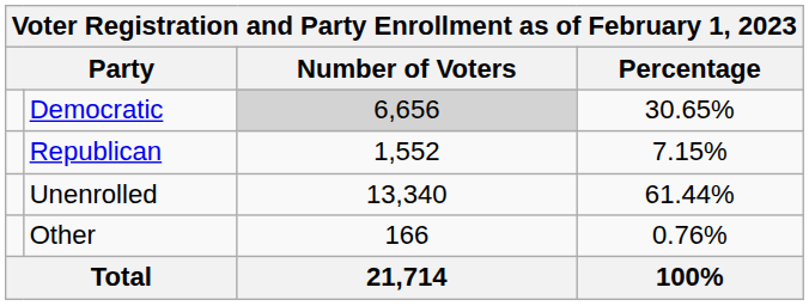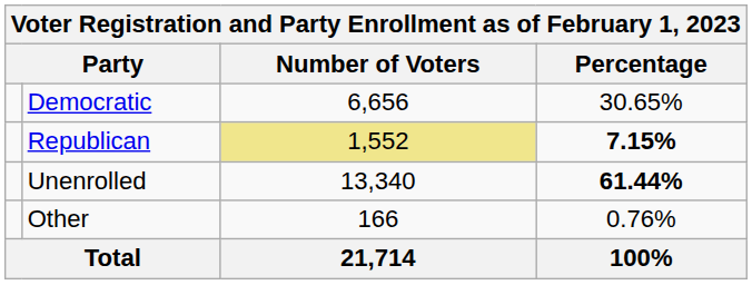 <table class=wikitable>
 <tr>
 <th colspan = 6>Voter Registration and Party Enrollment as of February 1, 2023</th>
 </tr>
 <tr>
 <th colspan = 2>Party</th>
 <th>Number of Voters</th>
 <th>Percentage</th>
 </tr>
 <tr>
 <td></td>
 <td><a href='#'>Democratic</a></td>
-<td align = center style="background: lightgrey;">6,656</td>
+<td align = center>6,656</td>
 <td align = center>30.65%</td>
 </tr>
 <tr>
 <td></td>
 <td><a href='#'>Republican</a></td>
-<td align = center>1,552</td>
-<td align = center>7.15%</td>
+<td align = center style="background: khaki;">1,552</td>
+<td align = center><strong>7.15%</strong></td>
 </tr>
 <tr>
 <td></td>
 <td>Unenrolled</td>
 <td align = center>13,340</td>
-<td align = center>61.44%</td>
+<td align = center><strong>61.44%</strong></td>
 </tr>
 <tr>
 <td></td>
 <td>Other</td>
 <td align = center>166</td>
 <td align = center>0.76%</td>
 </tr>
 <tr>
 <th colspan = 2>Total</th>
 <th align = center>21,714</th>
 <th align = center>100%</th>
 </tr>
 </table>
